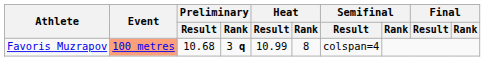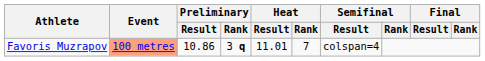 <table class="wikitable" style="font-size:90%">
 <tr>
 <th rowspan="2">Athlete</th>
 <th rowspan="2">Event</th>
 <th colspan="2">Preliminary</th>
 <th colspan="2">Heat</th>
 <th colspan="2">Semifinal</th>
 <th colspan="2">Final</th>
 </tr>
 <tr style="font-size:95%">
 <th>Result</th>
 <th>Rank</th>
 <th>Result</th>
 <th>Rank</th>
 <th>Result</th>
 <th>Rank</th>
 <th>Result</th>
 <th>Rank</th>
 </tr>
 <tr align=center>
 <td align=left><a href='#'>Favoris Muzrapov</a></td>
 <td align=left style="background: lightsalmon;"><a href='#'>100 metres</a></td>
-<td>10.68</td>
+<td>10.86</td>
 <td>3 <strong>q</strong></td>
-<td>10.99</td>
-<td>8</td>
+<td>11.01</td>
+<td>7</td>
 <td>colspan=4 </td>
 </tr>
 </table>
